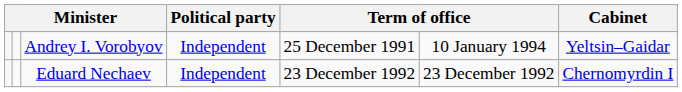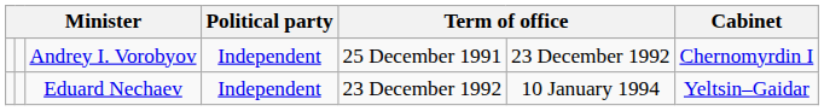 <table class="wikitable" style="text-align:center;">
 <tr>
 <th colspan=3>Minister</th>
 <th>Political party</th>
 <th colspan=2>Term of office</th>
 <th colspan=2>Cabinet</th>
 </tr>
 <tr>
 <td style="background: "></td>
 <td></td>
 <td><a href='#'>Andrey I. Vorobyov</a></td>
 <td><a href='#'>Independent</a></td>
 <td>25 December 1991</td>
-<td>10 January 1994</td>
-<td><a href='#'>Yeltsin–Gaidar</a></td>
+<td>23 December 1992</td>
+<td><a href='#'>Chernomyrdin I</a></td>
 </tr>
 <tr>
 <td style="background: "></td>
 <td></td>
 <td><a href='#'>Eduard Nechaev</a></td>
 <td><a href='#'>Independent</a></td>
 <td>23 December 1992</td>
-<td>23 December 1992</td>
-<td><a href='#'>Chernomyrdin I</a></td>
+<td>10 January 1994</td>
+<td><a href='#'>Yeltsin–Gaidar</a></td>
 </tr>
 </table>
